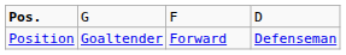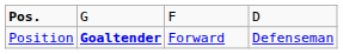 <table class="wikitable">
 <tr>
 <td width="50"><strong>Pos.</strong></td>
 <td width="75">G</td>
 <td width="75">F</td>
 <td width="75">D</td>
 </tr>
 <tr>
 <td><a href='#'>Position</a></td>
-<td><a href='#'>Goaltender</a></td>
+<td><strong><a href='#'>Goaltender</a></strong></td>
 <td><a href='#'>Forward</a></td>
 <td><a href='#'>Defenseman</a></td>
 </tr>
 </table>
